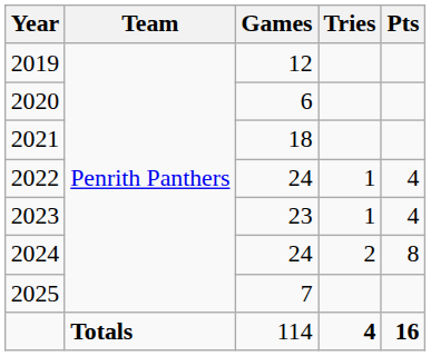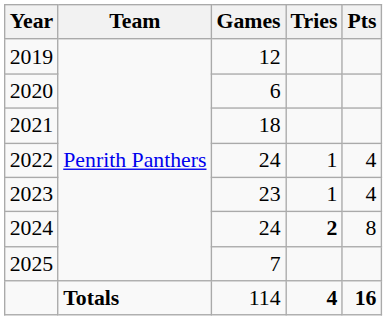 <table class="wikitable">
 <tr>
 <th>Year</th>
 <th>Team</th>
 <th>Games</th>
 <th>Tries</th>
 <th>Pts</th>
 </tr>
 <tr>
 <td align=center>2019</td>
 <td rowspan=7 align=left> <a href='#'>Penrith Panthers</a></td>
 <td align=right>12</td>
 <td align=right></td>
 <td align=right></td>
 </tr>
 <tr>
 <td align=center>2020</td>
 <td align=right>6</td>
 <td align=right></td>
 <td align=right></td>
 </tr>
 <tr>
 <td align=center>2021</td>
 <td align=right>18</td>
 <td align=right></td>
 <td align=right></td>
 </tr>
 <tr>
 <td align=center>2022</td>
 <td align=right>24</td>
 <td align=right>1</td>
 <td align=right>4</td>
 </tr>
 <tr>
 <td align=center>2023</td>
 <td align=right>23</td>
 <td align=right>1</td>
 <td align=right>4</td>
 </tr>
 <tr>
 <td align=center>2024</td>
 <td align=right>24</td>
-<td align=right>2</td>
+<td align=right><strong>2</strong></td>
 <td align=right>8</td>
 </tr>
 <tr>
 <td align=center>2025</td>
 <td align=right>7</td>
 <td align=right></td>
 <td align=right></td>
 </tr>
 <tr>
 <td></td>
 <td align=left><strong>Totals</strong></td>
 <td align=right>114</td>
 <td align=right><strong>4</strong></td>
 <td align=right><strong>16</strong></td>
 </tr>
 </table>
